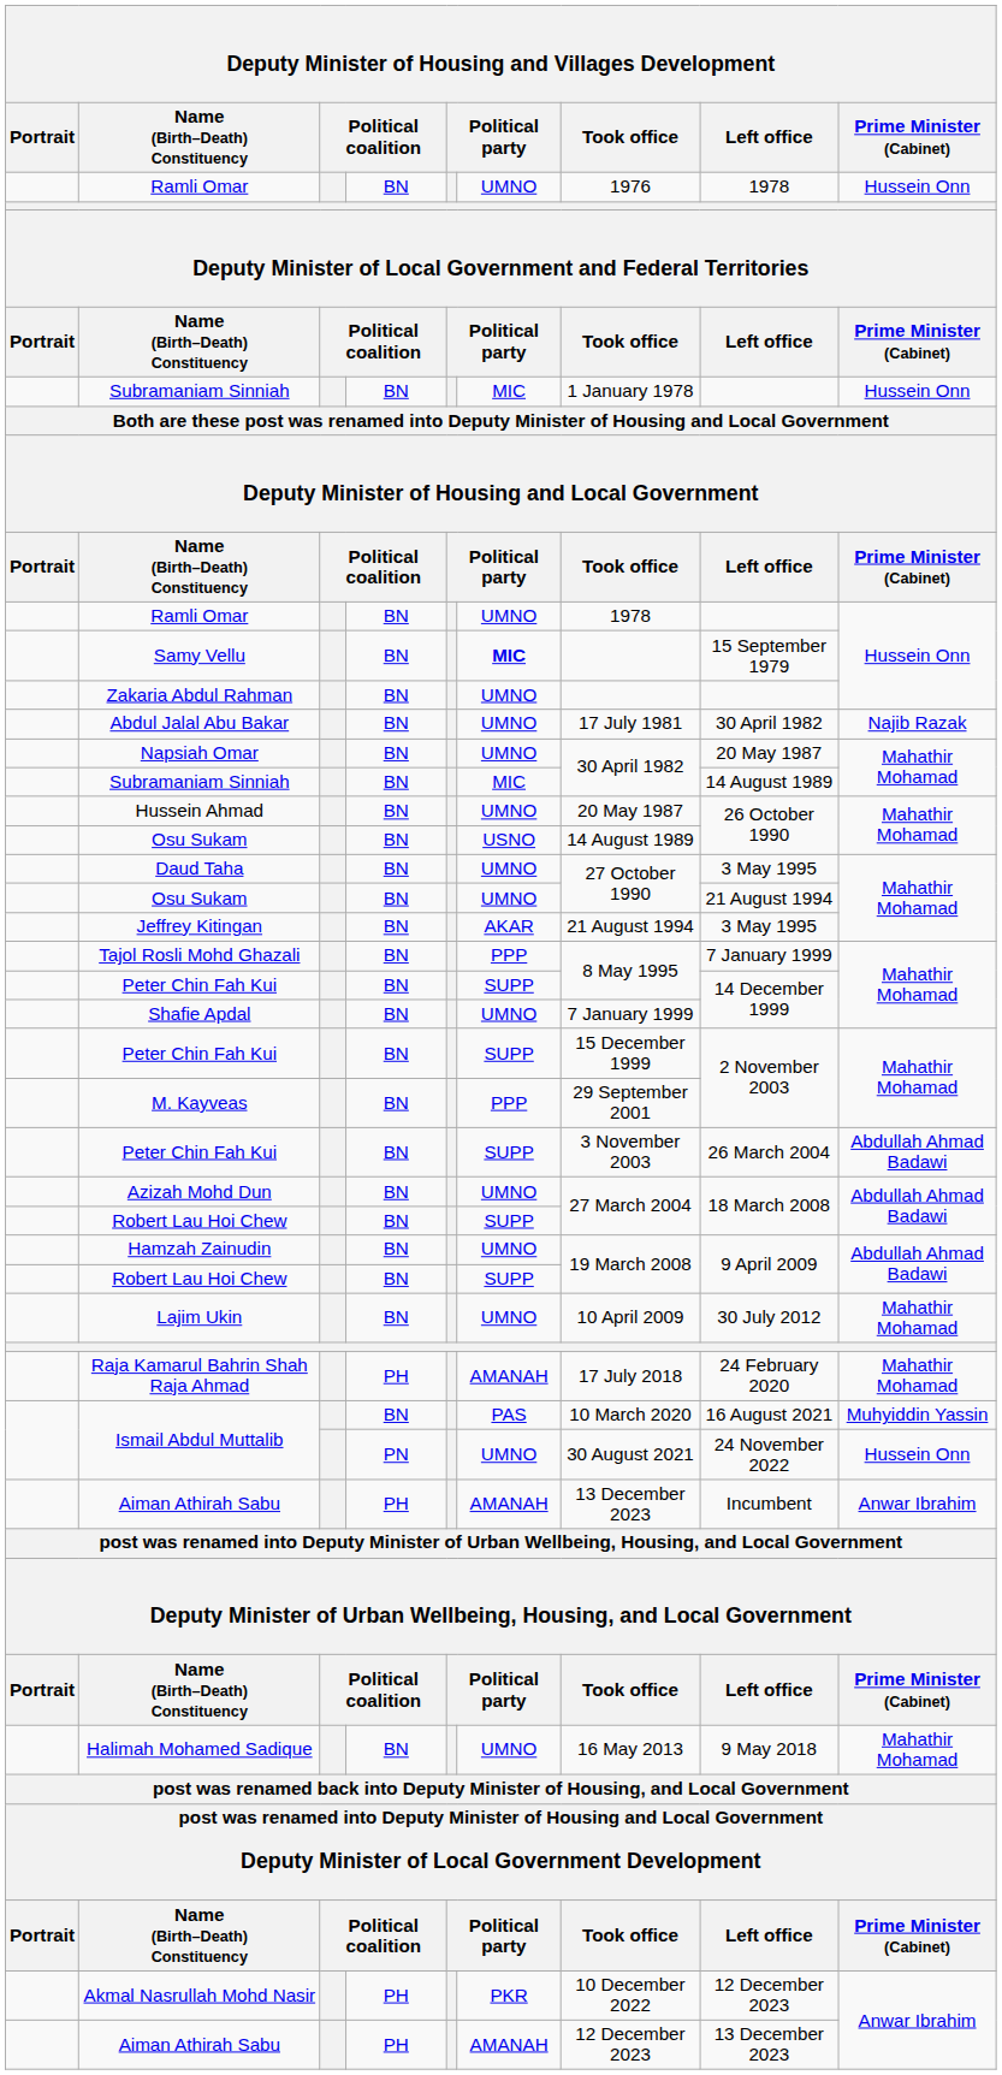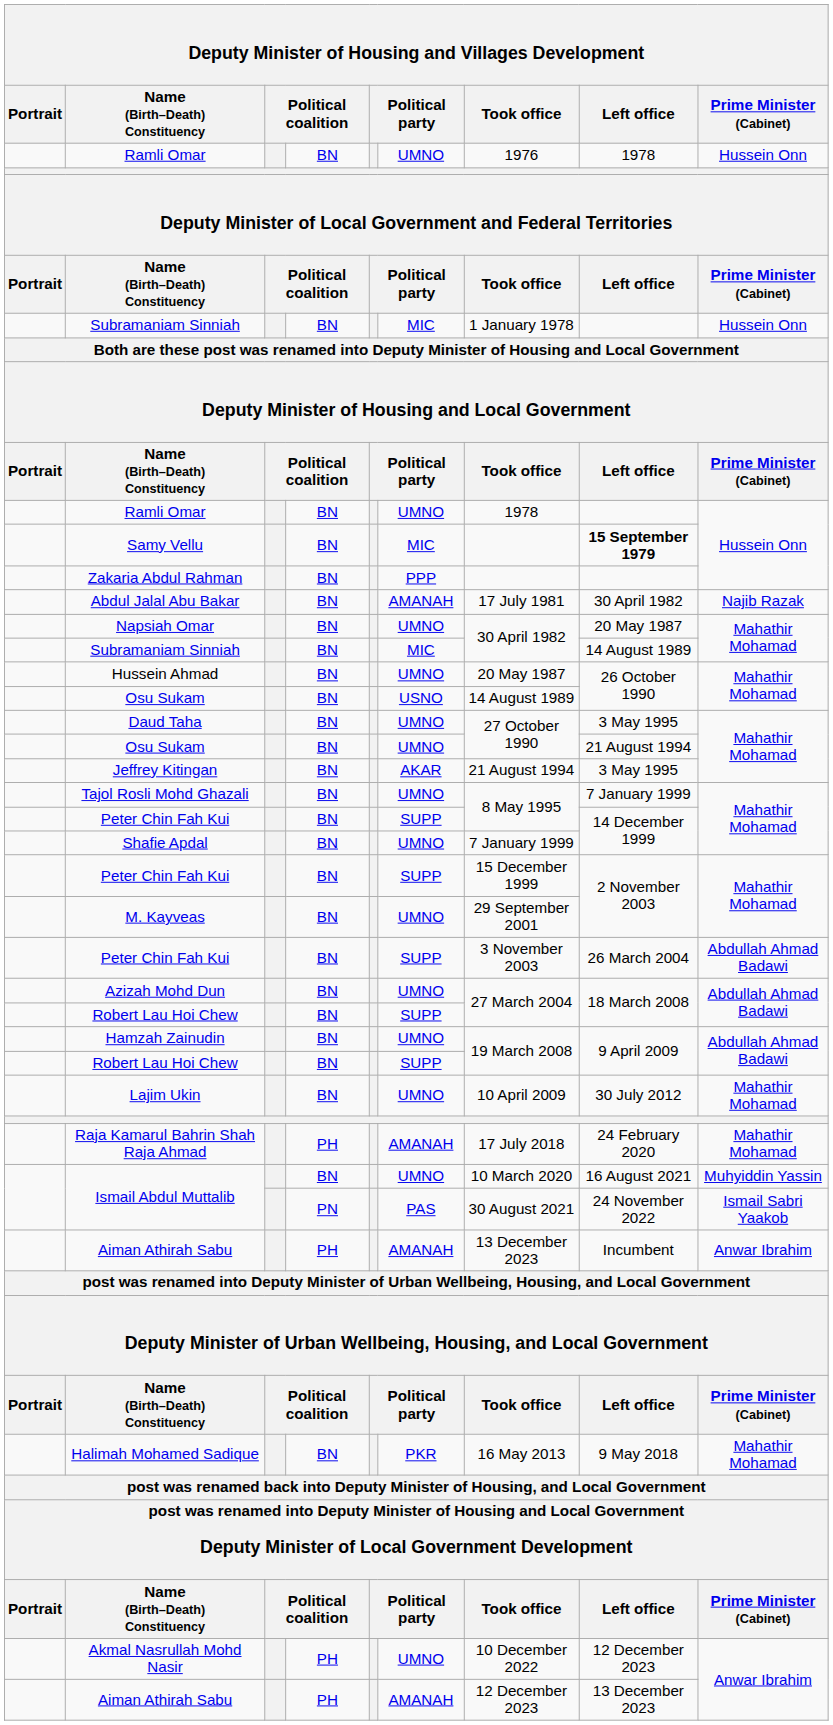 <table class="wikitable" style="text-align:center;">
 <tr>
 <th colspan="9"><br><h3>Deputy Minister of Housing and Villages Development</h3></th>
 </tr>
 <tr>
 <th>Portrait</th>
 <th>Name<br><small>(Birth–Death)<br>Constituency</small></th>
 <th colspan="2">Political coalition</th>
 <th colspan="2">Political party</th>
 <th>Took office</th>
 <th>Left office</th>
 <th><a href='#'>Prime Minister</a><br><small>(Cabinet)</small></th>
 </tr>
 <tr>
 <td></td>
 <td><a href='#'>Ramli Omar</a><br></td>
 <th style="background:"></th>
 <td><a href='#'>BN</a></td>
 <th style="background:"></th>
 <td><a href='#'>UMNO</a></td>
 <td>1976</td>
 <td>1978</td>
 <td><a href='#'>Hussein Onn</a><br></td>
 </tr>
 <tr>
 <th colspan="9"></th>
 </tr>
 <tr>
 <th colspan="9"><br><h3>Deputy Minister of Local Government and Federal Territories</h3></th>
 </tr>
 <tr>
 <th>Portrait</th>
 <th>Name<br><small>(Birth–Death)<br>Constituency</small></th>
 <th colspan="2">Political coalition</th>
 <th colspan="2">Political party</th>
 <th>Took office</th>
 <th>Left office</th>
 <th><a href='#'>Prime Minister</a><br><small>(Cabinet)</small></th>
 </tr>
 <tr>
 <td></td>
 <td><a href='#'>Subramaniam Sinniah</a><br></td>
 <th style="background:"></th>
 <td><a href='#'>BN</a></td>
 <th style="background:"></th>
 <td><a href='#'>MIC</a></td>
 <td>1 January 1978</td>
 <td></td>
 <td><a href='#'>Hussein Onn</a><br></td>
 </tr>
 <tr>
 <th colspan="9">Both are these post was renamed into Deputy Minister of Housing and Local Government</th>
 </tr>
 <tr>
 <th colspan="9"><br><h3>Deputy Minister of Housing and Local Government</h3></th>
 </tr>
 <tr>
 <th>Portrait</th>
 <th>Name<br><small>(Birth–Death)<br>Constituency</small></th>
 <th colspan="2">Political coalition</th>
 <th colspan="2">Political party</th>
 <th>Took office</th>
 <th>Left office</th>
 <th><a href='#'>Prime Minister</a><br><small>(Cabinet)</small></th>
 </tr>
 <tr>
 <td></td>
 <td><a href='#'>Ramli Omar</a><br></td>
 <th style="background:"></th>
 <td><a href='#'>BN</a></td>
 <th style="background:"></th>
 <td><a href='#'>UMNO</a></td>
 <td>1978</td>
 <td></td>
 <td rowspan=3><a href='#'>Hussein Onn</a><br></td>
 </tr>
 <tr>
 <td></td>
 <td><a href='#'>Samy Vellu</a><br></td>
 <th style="background:"></th>
 <td><a href='#'>BN</a></td>
 <th style="background:"></th>
-<td><strong><a href='#'>MIC</a></strong></td>
+<td><a href='#'>MIC</a></td>
 <td></td>
-<td>15 September 1979</td>
+<td><strong>15 September 1979</strong></td>
 </tr>
 <tr>
 <td></td>
 <td><a href='#'>Zakaria Abdul Rahman</a><br></td>
 <th style="background:"></th>
 <td><a href='#'>BN</a></td>
 <th style="background:"></th>
-<td><a href='#'>UMNO</a></td>
+<td><a href='#'>PPP</a></td>
 <td></td>
 <td></td>
 </tr>
 <tr>
 <td></td>
 <td><a href='#'>Abdul Jalal Abu Bakar</a><br></td>
 <th style="background:"></th>
 <td><a href='#'>BN</a></td>
 <th style="background:"></th>
-<td><a href='#'>UMNO</a></td>
+<td><a href='#'>AMANAH</a></td>
 <td>17 July 1981</td>
 <td>30 April 1982</td>
 <td><a href='#'>Najib Razak</a><br></td>
 </tr>
 <tr>
 <td></td>
 <td><a href='#'>Napsiah Omar</a><br></td>
 <th style="background:"></th>
 <td><a href='#'>BN</a></td>
 <th style="background:"></th>
 <td><a href='#'>UMNO</a></td>
 <td rowspan=2>30 April 1982</td>
 <td>20 May 1987</td>
 <td rowspan=2><a href='#'>Mahathir Mohamad</a><br></td>
 </tr>
 <tr>
 <td></td>
 <td><a href='#'>Subramaniam Sinniah</a><br></td>
 <th style="background:"></th>
 <td><a href='#'>BN</a></td>
 <th style="background:"></th>
 <td><a href='#'>MIC</a></td>
 <td>14 August 1989</td>
 </tr>
 <tr>
 <td></td>
 <td>Hussein Ahmad<br></td>
 <th style="background:"></th>
 <td><a href='#'>BN</a></td>
 <th style="background:"></th>
 <td><a href='#'>UMNO</a></td>
 <td>20 May 1987</td>
 <td rowspan=2>26 October 1990</td>
 <td rowspan=2><a href='#'>Mahathir Mohamad</a><br></td>
 </tr>
 <tr>
 <td></td>
 <td><a href='#'>Osu Sukam</a><br></td>
 <th style="background:"></th>
 <td><a href='#'>BN</a></td>
 <th style="background:"></th>
 <td><a href='#'>USNO</a></td>
 <td>14 August 1989</td>
 </tr>
 <tr>
 <td></td>
 <td><a href='#'>Daud Taha</a><br></td>
 <th style="background:"></th>
 <td><a href='#'>BN</a></td>
 <th style="background:"></th>
 <td><a href='#'>UMNO</a></td>
 <td rowspan=2>27 October 1990</td>
 <td>3 May 1995</td>
 <td rowspan=3><a href='#'>Mahathir Mohamad</a><br></td>
 </tr>
 <tr>
 <td></td>
 <td><a href='#'>Osu Sukam</a><br></td>
 <th style="background:"></th>
 <td><a href='#'>BN</a></td>
 <th style="background:"></th>
 <td><a href='#'>UMNO</a></td>
 <td>21 August 1994</td>
 </tr>
 <tr>
 <td></td>
 <td><a href='#'>Jeffrey Kitingan</a><br></td>
 <th style="background:"></th>
 <td><a href='#'>BN</a></td>
 <th style="background:"></th>
 <td><a href='#'>AKAR</a></td>
 <td>21 August 1994</td>
 <td>3 May 1995</td>
 </tr>
 <tr>
 <td></td>
 <td><a href='#'>Tajol Rosli Mohd Ghazali</a><br></td>
 <th style="background:"></th>
 <td><a href='#'>BN</a></td>
 <th style="background:"></th>
-<td><a href='#'>PPP</a></td>
+<td><a href='#'>UMNO</a></td>
 <td rowspan=2>8 May 1995</td>
 <td>7 January 1999</td>
 <td rowspan=3><a href='#'>Mahathir Mohamad</a><br></td>
 </tr>
 <tr>
 <td></td>
 <td><a href='#'>Peter Chin Fah Kui</a><br></td>
 <th style="background:"></th>
 <td><a href='#'>BN</a></td>
 <th style="background:"></th>
 <td><a href='#'>SUPP</a></td>
 <td rowspan=2>14 December 1999</td>
 </tr>
 <tr>
 <td></td>
 <td><a href='#'>Shafie Apdal</a><br></td>
 <th style="background:"></th>
 <td><a href='#'>BN</a></td>
 <th style="background:"></th>
 <td><a href='#'>UMNO</a></td>
 <td>7 January 1999</td>
 </tr>
 <tr>
 <td></td>
 <td><a href='#'>Peter Chin Fah Kui</a><br></td>
 <th style="background:"></th>
 <td><a href='#'>BN</a></td>
 <th style="background:"></th>
 <td><a href='#'>SUPP</a></td>
 <td>15 December 1999</td>
 <td rowspan=2>2 November 2003</td>
 <td rowspan=2><a href='#'>Mahathir Mohamad</a><br></td>
 </tr>
 <tr>
 <td></td>
 <td><a href='#'>M. Kayveas</a><br></td>
 <th style="background:"></th>
 <td><a href='#'>BN</a></td>
 <th style="background:"></th>
-<td><a href='#'>PPP</a></td>
+<td><a href='#'>UMNO</a></td>
 <td>29 September 2001</td>
 </tr>
 <tr>
 <td></td>
 <td><a href='#'>Peter Chin Fah Kui</a><br></td>
 <th style="background:"></th>
 <td><a href='#'>BN</a></td>
 <th style="background:"></th>
 <td><a href='#'>SUPP</a></td>
 <td>3 November 2003</td>
 <td>26 March 2004</td>
 <td><a href='#'>Abdullah Ahmad Badawi</a><br></td>
 </tr>
 <tr>
 <td></td>
 <td><a href='#'>Azizah Mohd Dun</a><br></td>
 <th style="background:"></th>
 <td><a href='#'>BN</a></td>
 <th style="background:"></th>
 <td><a href='#'>UMNO</a></td>
 <td rowspan=2>27 March 2004</td>
 <td rowspan=2>18 March 2008</td>
 <td rowspan=2><a href='#'>Abdullah Ahmad Badawi</a><br></td>
 </tr>
 <tr>
 <td></td>
 <td><a href='#'>Robert Lau Hoi Chew</a><br></td>
 <th style="background:"></th>
 <td><a href='#'>BN</a></td>
 <th style="background:"></th>
 <td><a href='#'>SUPP</a></td>
 </tr>
 <tr>
 <td></td>
 <td><a href='#'>Hamzah Zainudin</a><br></td>
 <th style="background:"></th>
 <td><a href='#'>BN</a></td>
 <th style="background:"></th>
 <td><a href='#'>UMNO</a></td>
 <td rowspan=2>19 March 2008</td>
 <td rowspan=2>9 April 2009</td>
 <td rowspan=2><a href='#'>Abdullah Ahmad Badawi</a><br></td>
 </tr>
 <tr>
 <td></td>
 <td><a href='#'>Robert Lau Hoi Chew</a><br></td>
 <th style="background:"></th>
 <td><a href='#'>BN</a></td>
 <th style="background:"></th>
 <td><a href='#'>SUPP</a></td>
 </tr>
 <tr>
 <td></td>
 <td><a href='#'>Lajim Ukin</a><br></td>
 <th style="background:"></th>
 <td><a href='#'>BN</a></td>
 <th style="background:"></th>
 <td><a href='#'>UMNO</a></td>
 <td>10 April 2009</td>
 <td>30 July 2012</td>
 <td><a href='#'>Mahathir Mohamad</a><br></td>
 </tr>
 <tr>
 <th colspan="9" bgcolor="cccccc"></th>
 </tr>
 <tr>
 <td></td>
 <td><a href='#'>Raja Kamarul Bahrin Shah Raja Ahmad</a><br></td>
 <th style="background:"></th>
 <td><a href='#'>PH</a></td>
 <th style="background:"></th>
 <td><a href='#'>AMANAH</a></td>
 <td>17 July 2018</td>
 <td>24 February 2020</td>
 <td><a href='#'>Mahathir Mohamad</a><br></td>
 </tr>
 <tr>
 <td rowspan=2></td>
 <td rowspan=2><a href='#'>Ismail Abdul Muttalib</a><br></td>
 <th style="background:"></th>
 <td><a href='#'>BN</a></td>
 <th style="background:"></th>
-<td><a href='#'>PAS</a></td>
+<td><a href='#'>UMNO</a></td>
 <td>10 March 2020</td>
 <td>16 August 2021</td>
 <td><a href='#'>Muhyiddin Yassin</a><br></td>
 </tr>
 <tr>
 <th style="background:"></th>
 <td><a href='#'>PN</a></td>
 <th style="background:"></th>
-<td><a href='#'>UMNO</a></td>
+<td><a href='#'>PAS</a></td>
 <td>30 August 2021</td>
 <td>24 November 2022</td>
-<td><a href='#'>Hussein Onn</a><br></td>
+<td><a href='#'>Ismail Sabri Yaakob</a><br></td>
 </tr>
 <tr>
 <td></td>
 <td><a href='#'>Aiman Athirah Sabu</a><br></td>
 <th style="background:"></th>
 <td><a href='#'>PH</a></td>
 <th style="background:"></th>
 <td><a href='#'>AMANAH</a></td>
 <td>13 December 2023</td>
 <td>Incumbent</td>
 <td><a href='#'>Anwar Ibrahim</a><br></td>
 </tr>
 <tr>
 <th colspan="9">post was renamed into Deputy Minister of Urban Wellbeing, Housing, and Local Government</th>
 </tr>
 <tr>
 <th colspan="9"><br><h3>Deputy Minister of Urban Wellbeing, Housing, and Local Government</h3></th>
 </tr>
 <tr>
 <th>Portrait</th>
 <th>Name<br><small>(Birth–Death)<br>Constituency</small></th>
 <th colspan="2">Political coalition</th>
 <th colspan="2">Political party</th>
 <th>Took office</th>
 <th>Left office</th>
 <th><a href='#'>Prime Minister</a><br><small>(Cabinet)</small></th>
 </tr>
 <tr>
 <td></td>
 <td><a href='#'>Halimah Mohamed Sadique</a><br></td>
 <th style="background:"></th>
 <td><a href='#'>BN</a></td>
 <th style="background:"></th>
-<td><a href='#'>UMNO</a></td>
+<td><a href='#'>PKR</a></td>
 <td>16 May 2013</td>
 <td>9 May 2018</td>
 <td><a href='#'>Mahathir Mohamad</a><br></td>
 </tr>
 <tr>
 <th colspan="9">post was renamed back into Deputy Minister of Housing, and Local Government</th>
 </tr>
 <tr>
 <th colspan="9">post was renamed into Deputy Minister of Housing and Local Government<br><h3>Deputy Minister of Local Government Development</h3></th>
 </tr>
 <tr>
 <th>Portrait</th>
 <th>Name<br><small>(Birth–Death)<br>Constituency</small></th>
 <th colspan="2">Political coalition</th>
 <th colspan="2">Political party</th>
 <th>Took office</th>
 <th>Left office</th>
 <th><a href='#'>Prime Minister</a><br><small>(Cabinet)</small></th>
 </tr>
 <tr>
 <td></td>
 <td><a href='#'>Akmal Nasrullah Mohd Nasir</a><br></td>
 <th style="background:"></th>
 <td><a href='#'>PH</a></td>
 <th style="background:"></th>
-<td><a href='#'>PKR</a></td>
+<td><a href='#'>UMNO</a></td>
 <td>10 December 2022</td>
 <td>12 December 2023</td>
 <td rowspan=2><a href='#'>Anwar Ibrahim</a><br></td>
 </tr>
 <tr>
 <td></td>
 <td><a href='#'>Aiman Athirah Sabu</a><br></td>
 <th style="background:"></th>
 <td><a href='#'>PH</a></td>
 <th style="background:"></th>
 <td><a href='#'>AMANAH</a></td>
 <td>12 December 2023</td>
 <td>13 December 2023</td>
 </tr>
 </table>
